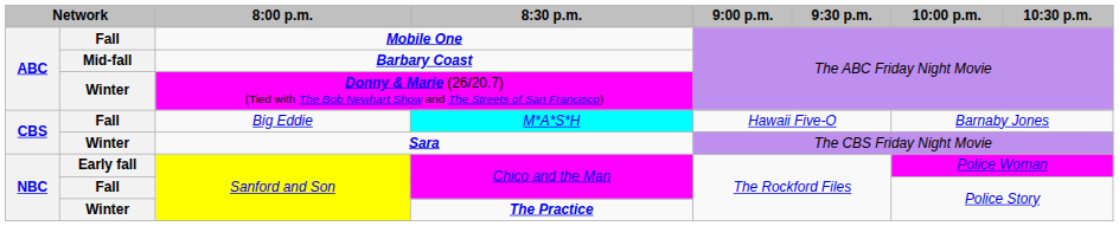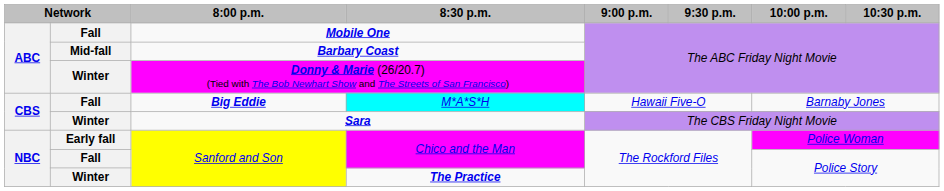 <table class="wikitable" style="width:100%;margin-right:0;text-align:center">
 <tr>
 <th colspan="2" style="background-color:#C0C0C0;text-align:center">Network</th>
 <th style="background-color:#C0C0C0;text-align:center">8:00 p.m.</th>
 <th style="background-color:#C0C0C0;text-align:center">8:30 p.m.</th>
 <th style="background-color:#C0C0C0;text-align:center">9:00 p.m.</th>
 <th style="background-color:#C0C0C0;text-align:center">9:30 p.m.</th>
 <th style="background-color:#C0C0C0;text-align:center">10:00 p.m.</th>
 <th style="background-color:#C0C0C0;text-align:center">10:30 p.m.</th>
 </tr>
 <tr>
 <th rowspan="3"><a href='#'>ABC</a></th>
 <th>Fall</th>
 <td colspan="2"><strong><em><a href='#'>Mobile One</a></em></strong></td>
 <td colspan="4" rowspan="3" style="background:#bf8fef;"><em>The ABC Friday Night Movie</em></td>
 </tr>
 <tr>
 <th>Mid-fall</th>
 <td colspan="2"><strong><em><a href='#'>Barbary Coast</a></em></strong></td>
 </tr>
 <tr>
 <th>Winter</th>
 <td bgcolor="magenta" colspan="2"><strong><em><a href='#'>Donny & Marie</a></em></strong> (26/20.7)<br><small>(Tied with <em><a href='#'>The Bob Newhart Show</a></em> and <em><a href='#'>The Streets of San Francisco</a></em>)</small></td>
 </tr>
 <tr>
 <th rowspan="2"><a href='#'>CBS</a></th>
 <th>Fall</th>
-<td><em><a href='#'>Big Eddie</a></em></td>
+<td><strong><em><a href='#'>Big Eddie</a></em></strong></td>
 <td style="background:#00FFFF;"><em><a href='#'>M*A*S*H</a></em> </td>
 <td colspan="2"><em><a href='#'>Hawaii Five-O</a></em></td>
 <td colspan="2"><em><a href='#'>Barnaby Jones</a></em></td>
 </tr>
 <tr>
 <th>Winter</th>
 <td colspan="2"><strong><em><a href='#'>Sara</a></em></strong></td>
 <td colspan="4" style="background:#bf8fef;"><em>The CBS Friday Night Movie</em></td>
 </tr>
 <tr>
 <th rowspan="3"><a href='#'>NBC</a></th>
 <th>Early fall</th>
 <td rowspan="3" style="background:#FFFF00;"><em><a href='#'>Sanford and Son</a></em> </td>
 <td bgcolor="magenta" rowspan="2"><em><a href='#'>Chico and the Man</a></em> </td>
 <td colspan="2" rowspan="3"><em><a href='#'>The Rockford Files</a></em></td>
 <td bgcolor="magenta" colspan="2"><em><a href='#'>Police Woman</a></em> </td>
 </tr>
 <tr>
 <th>Fall</th>
 <td colspan="2" rowspan="2"><em><a href='#'>Police Story</a></em></td>
 </tr>
 <tr>
 <th>Winter</th>
 <td><strong><em><a href='#'>The Practice</a></em></strong></td>
 </tr>
 </table>
